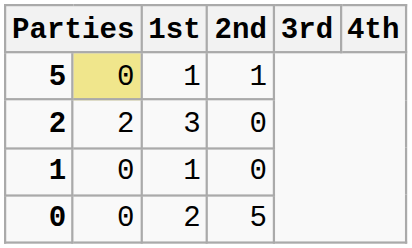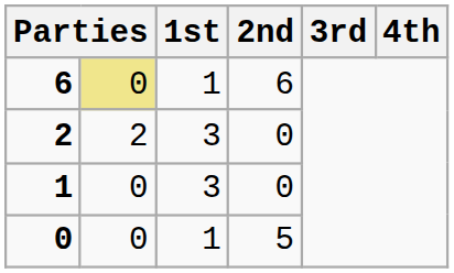 <table class="wikitable" style="text-align:right;">
 <tr>
 <th colspan=2 style="text-align:left;">Parties</th>
 <th>1st</th>
 <th>2nd</th>
 <th>3rd</th>
 <th>4th</th>
 </tr>
 <tr>
-<td><strong>5</strong></td>
+<td><strong>6</strong></td>
 <td style="background: khaki;">0</td>
 <td>1</td>
-<td>1</td>
+<td>6</td>
 </tr>
 <tr>
 <td><strong>2</strong></td>
 <td>2</td>
 <td>3</td>
 <td>0</td>
 </tr>
 <tr>
 <td><strong>1</strong></td>
 <td>0</td>
-<td>1</td>
+<td>3</td>
 <td>0</td>
 </tr>
 <tr>
 <td><strong>0</strong></td>
 <td>0</td>
-<td>2</td>
+<td>1</td>
 <td>5</td>
 </tr>
 </table>
